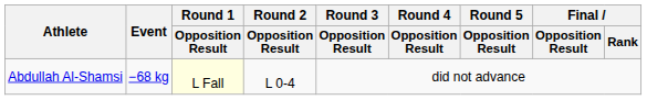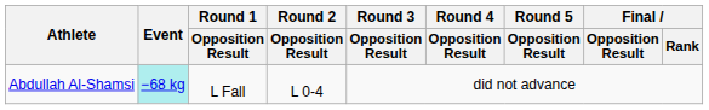 <table class="wikitable" style="font-size:90%">
 <tr>
 <th rowspan="2">Athlete</th>
 <th rowspan="2">Event</th>
 <th>Round 1</th>
 <th>Round 2</th>
 <th>Round 3</th>
 <th>Round 4</th>
 <th>Round 5</th>
 <th colspan=2>Final / </th>
 </tr>
 <tr style="font-size: 95%">
 <th>Opposition<br>Result</th>
 <th>Opposition<br>Result</th>
 <th>Opposition<br>Result</th>
 <th>Opposition<br>Result</th>
 <th>Opposition<br>Result</th>
 <th>Opposition<br>Result</th>
 <th>Rank</th>
 </tr>
 <tr align=center>
 <td align=left><a href='#'>Abdullah Al-Shamsi</a></td>
-<td align=left><a href='#'>−68 kg</a></td>
-<td style="background: lightyellow;"><br> L Fall</td>
+<td align=left style="background: paleturquoise;"><a href='#'>−68 kg</a></td>
+<td><br> L Fall</td>
 <td><br> L 0-4</td>
 <td colspan=5>did not advance</td>
 </tr>
 </table>
